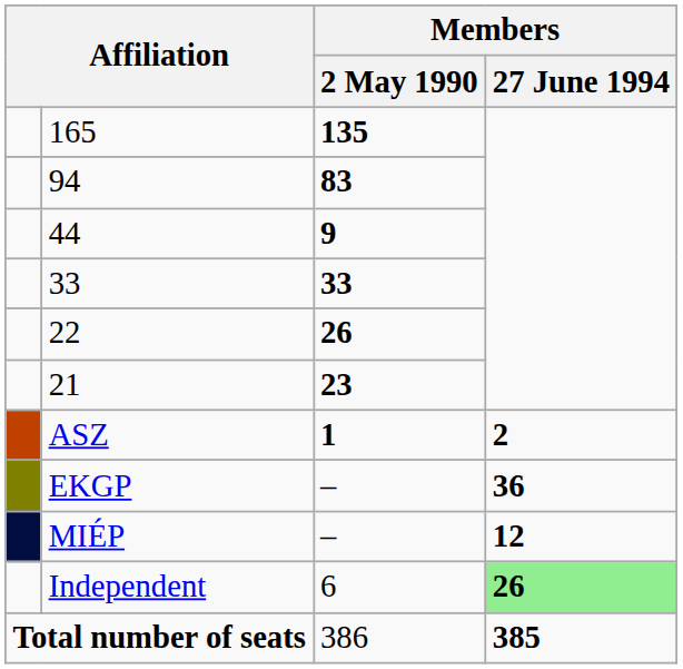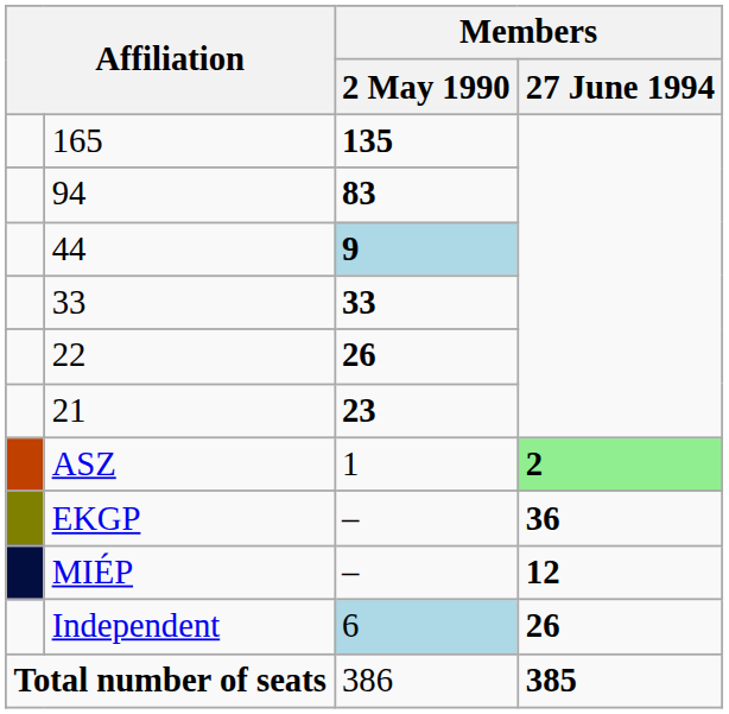 <table class="wikitable" border="1">
 <tr>
 <th colspan="2" rowspan="2" style="vertical-align:middle;">Affiliation</th>
 <th colspan="2" style="vertical-align:top;">Members</th>
 </tr>
 <tr>
 <th>2 May 1990</th>
 <th>27 June 1994</th>
 </tr>
 <tr>
 <td></td>
 <td>165</td>
 <td><strong>135</strong></td>
 </tr>
 <tr>
 <td></td>
 <td>94</td>
 <td><strong>83</strong></td>
 </tr>
 <tr>
 <td></td>
 <td>44</td>
-<td><strong>9</strong></td>
+<td style="background: lightblue;"><strong>9</strong></td>
 </tr>
 <tr>
 <td></td>
 <td>33</td>
 <td><strong>33</strong></td>
 </tr>
 <tr>
 <td></td>
 <td>22</td>
 <td><strong>26</strong></td>
 </tr>
 <tr>
 <td></td>
 <td>21</td>
 <td><strong>23</strong></td>
 </tr>
 <tr>
 <td style="background-color:#C04000"> </td>
 <td><a href='#'>ASZ</a> <br></td>
-<td><strong>1</strong></td>
-<td><strong>2</strong></td>
+<td>1</td>
+<td style="background: lightgreen;"><strong>2</strong></td>
 </tr>
 <tr>
 <td style="background-color:#808000"> </td>
 <td><a href='#'>EKGP</a> <br></td>
 <td>–</td>
 <td><strong>36</strong></td>
 </tr>
 <tr>
 <td style="background-color:#030E40"> </td>
 <td><a href='#'>MIÉP</a> <br></td>
 <td>–</td>
 <td><strong>12</strong></td>
 </tr>
 <tr>
 <td style="background-color:"> </td>
 <td><a href='#'>Independent</a> <br></td>
-<td>6</td>
-<td style="background: lightgreen;"><strong>26</strong></td>
+<td style="background: lightblue;">6</td>
+<td><strong>26</strong></td>
 </tr>
 <tr>
 <td colspan="2" rowspan="1"><strong>Total number of seats</strong><br></td>
 <td>386</td>
 <td><strong>385</strong></td>
 </tr>
 </table>
